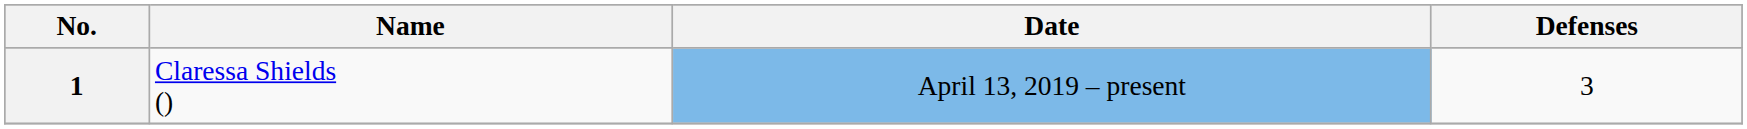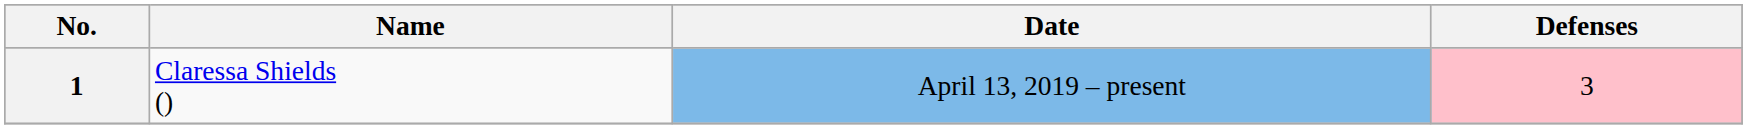 <table class="wikitable sortable" style="width:80%;">
 <tr>
 <th>No.</th>
 <th>Name</th>
 <th>Date</th>
 <th>Defenses</th>
 </tr>
 <tr align=center>
 <th>1</th>
 <td align=left> <a href='#'>Claressa Shields</a><br>()</td>
 <td style="background:#7CB9E8;">April 13, 2019 – present</td>
-<td>3</td>
+<td style="background: pink;">3</td>
 </tr>
 <tr>
 </tr>
 </table>
